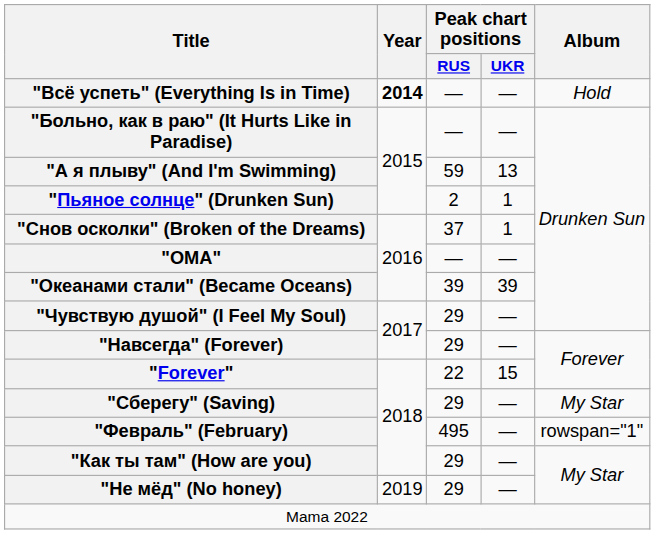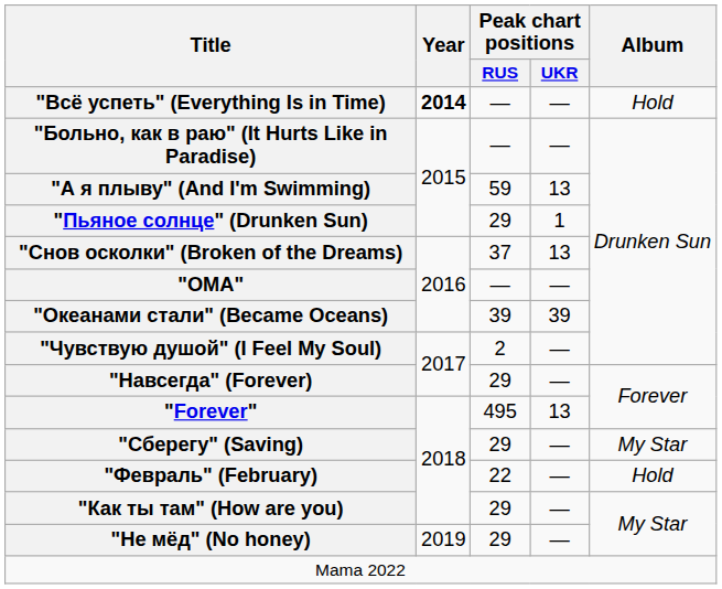 <table class="wikitable plainrowheaders" style="text-align:center;">
 <tr>
 <th scope="col" rowspan="2" style="width:20em;">Title</th>
 <th scope="col" rowspan="2" style="width:1em;">Year</th>
 <th scope="col" colspan="2">Peak chart positions</th>
 <th scope="col" rowspan="2">Album</th>
 </tr>
 <tr>
 <th scope="col" style="width:3em;font-size:85%;"><a href='#'>RUS</a><br></th>
 <th scope="col" style="width:3em;font-size:85%;"><a href='#'>UKR</a><br></th>
 </tr>
 <tr>
 <th scope="row">"Всё успеть" <span>(Everything Is in Time)</span></th>
 <td><strong>2014</strong></td>
 <td>—</td>
 <td>—</td>
 <td><em>Hold</em></td>
 </tr>
 <tr>
 <th scope="row">"Больно, как в раю" <span>(It Hurts Like in Paradise)</span></th>
 <td rowspan="3">2015</td>
 <td>—</td>
 <td>—</td>
 <td rowspan="7"><em>Drunken Sun</em></td>
 </tr>
 <tr>
 <th scope="row">"А я плыву" <span>(And I'm Swimming)</span></th>
 <td>59</td>
 <td>13</td>
 </tr>
 <tr>
 <th scope="row">"<a href='#'>Пьяное солнце</a>" <span>(Drunken Sun)</span></th>
-<td>2</td>
+<td>29</td>
 <td>1</td>
 </tr>
 <tr>
 <th scope="row">"Снов осколки" <span>(Broken of the Dreams)</span></th>
 <td rowspan="3">2016</td>
 <td>37</td>
-<td>1</td>
+<td>13</td>
 </tr>
 <tr>
 <th scope="row">"OMA"</th>
 <td>—</td>
 <td>—</td>
 </tr>
 <tr>
 <th scope="row">"Океанами стали" <span>(Became Oceans)</span></th>
 <td>39</td>
 <td>39</td>
 </tr>
 <tr>
 <th scope="row">"Чувствую душой" <span>(I Feel My Soul)</span></th>
 <td rowspan="2">2017</td>
-<td>29</td>
+<td>2</td>
 <td>—</td>
 </tr>
 <tr>
 <th scope="row">"Навсегда" <span>(Forever)</span></th>
 <td>29</td>
 <td>—</td>
 <td rowspan="2"><em>Forever</em></td>
 </tr>
 <tr>
 <th scope="row">"<a href='#'>Forever</a>"</th>
 <td rowspan="4">2018</td>
-<td>22</td>
-<td>15</td>
+<td>495</td>
+<td>13</td>
 </tr>
 <tr>
 <th scope="row">"Сберегу" <span>(Saving)</span></th>
 <td>29</td>
 <td>—</td>
 <td rowspan="1"><em>My Star</em></td>
 </tr>
 <tr>
 <th scope="row">"Февраль" <span>(February)</span></th>
-<td>495</td>
+<td>22</td>
 <td>—</td>
-<td>rowspan="1" </td>
+<td><em>Hold</em></td>
 </tr>
 <tr>
 <th scope="row">"Как ты там" <span>(How are you)</span></th>
 <td>29</td>
 <td>—</td>
 <td rowspan="2"><em>My Star</em></td>
 </tr>
 <tr>
 <th scope="row">"Не мёд" <span>(No honey)</span></th>
 <td>2019</td>
 <td>29</td>
 <td>—</td>
 </tr>
 <tr>
 <td colspan="5" style="text-align:center; font-size:85%;">Mama 2022</td>
 </tr>
 </table>
